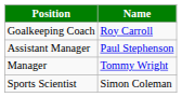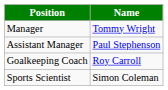 <table class="wikitable" style="text-align:left;">
 <tr>
 <th style="background-color:#008000; color:white; ">Position</th>
 <th style="background-color:#008000; color:white; ">Name</th>
 </tr>
 <tr>
-<td>Goalkeeping Coach</td>
-<td> <a href='#'>Roy Carroll</a></td>
+<td>Manager</td>
+<td> <a href='#'>Tommy Wright</a></td>
 </tr>
 <tr>
 <td>Assistant Manager</td>
 <td> <a href='#'>Paul Stephenson</a></td>
 </tr>
 <tr>
-<td>Manager</td>
-<td> <a href='#'>Tommy Wright</a></td>
+<td>Goalkeeping Coach</td>
+<td> <a href='#'>Roy Carroll</a></td>
 </tr>
 <tr>
 <td>Sports Scientist</td>
 <td> Simon Coleman</td>
 </tr>
 </table>
